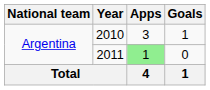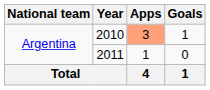 <table class="wikitable" style="text-align:center">
 <tr>
 <th>National team</th>
 <th>Year</th>
 <th>Apps</th>
 <th>Goals</th>
 </tr>
 <tr>
 <td rowspan="2"><a href='#'>Argentina</a></td>
 <td>2010</td>
-<td>3</td>
+<td style="background: lightsalmon;">3</td>
 <td>1</td>
 </tr>
 <tr>
 <td>2011</td>
-<td style="background: lightgreen;">1</td>
+<td>1</td>
 <td>0</td>
 </tr>
 <tr>
 <th colspan="2">Total</th>
 <th>4</th>
 <th>1</th>
 </tr>
 </table>
